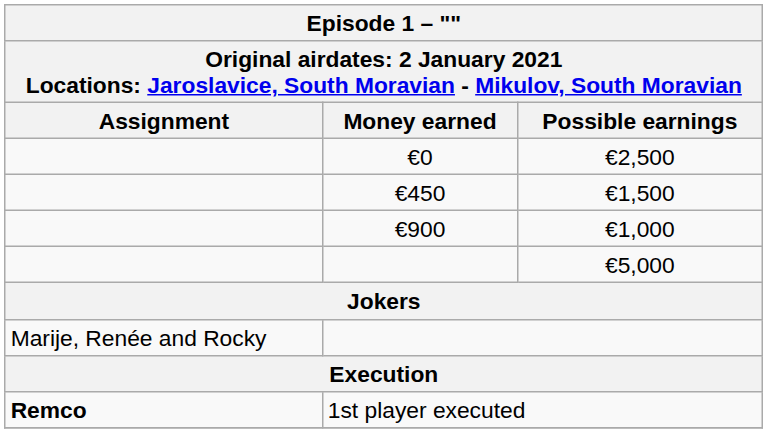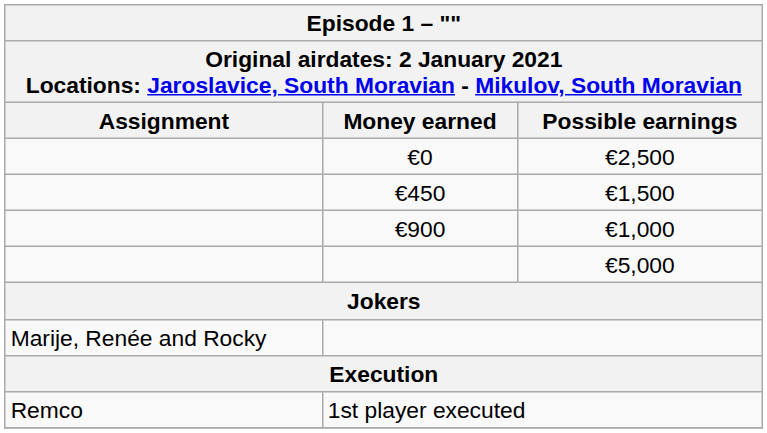 <table class="wikitable" style="font-size: 95%; margin: 10px" align="right" width="40%">
 <tr>
 <th colspan=3>Episode 1 – ""</th>
 </tr>
 <tr>
 <th colspan=3>Original airdates: 2 January 2021<br>Locations: <a href='#'>Jaroslavice, South Moravian</a> - <a href='#'>Mikulov, South Moravian</a></th>
 </tr>
 <tr>
 <th>Assignment</th>
 <th>Money earned</th>
 <th>Possible earnings</th>
 </tr>
 <tr>
 <td></td>
 <td align="center">€0</td>
 <td align="center">€2,500</td>
 </tr>
 <tr>
 <td></td>
 <td align="center">€450</td>
 <td align="center">€1,500</td>
 </tr>
 <tr>
 <td></td>
 <td align="center">€900</td>
 <td align="center">€1,000</td>
 </tr>
 <tr>
 <td><strong></strong></td>
 <td align="center"><strong></strong></td>
 <td align="center">€5,000</td>
 </tr>
 <tr>
 <th colspan=3>Jokers</th>
 </tr>
 <tr>
 <td>Marije, Renée and Rocky</td>
 <td colspan=2></td>
 </tr>
 <tr>
 <th colspan=3>Execution</th>
 </tr>
 <tr>
-<td><strong>Remco</strong></td>
+<td>Remco</td>
 <td colspan=2>1st player executed</td>
 </tr>
 <tr>
 </tr>
 </table>
